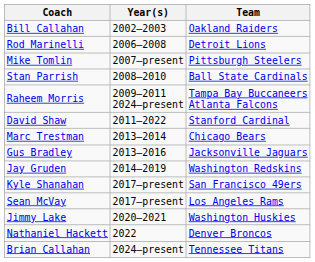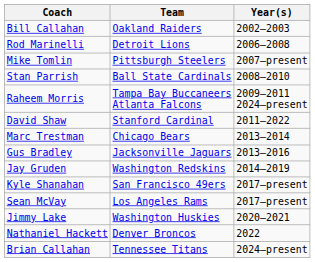 <table class="wikitable">
 <tr>
 <th>Coach</th>
+<th>Team</th>
 <th>Year(s)</th>
-<th>Team</th>
 </tr>
 <tr style= style="text-align:center;">
 <td><a href='#'>Bill Callahan</a></td>
+<td><a href='#'>Oakland Raiders</a></td>
 <td>2002–2003</td>
-<td><a href='#'>Oakland Raiders</a></td>
 </tr>
 <tr style= style="text-align:center;">
 <td><a href='#'>Rod Marinelli</a></td>
+<td><a href='#'>Detroit Lions</a></td>
 <td>2006–2008</td>
-<td><a href='#'>Detroit Lions</a></td>
 </tr>
 <tr style= style="text-align:center;">
 <td><a href='#'>Mike Tomlin</a></td>
+<td><a href='#'>Pittsburgh Steelers</a></td>
 <td>2007–present</td>
-<td><a href='#'>Pittsburgh Steelers</a></td>
 </tr>
 <tr style= style="text-align:center;">
 <td><a href='#'>Stan Parrish</a></td>
+<td><a href='#'>Ball State Cardinals</a></td>
 <td>2008–2010</td>
-<td><a href='#'>Ball State Cardinals</a></td>
 </tr>
 <tr style= style="text-align:center;">
 <td><a href='#'>Raheem Morris</a></td>
+<td><a href='#'>Tampa Bay Buccaneers</a><br><a href='#'>Atlanta Falcons</a></td>
 <td>2009–2011<br>2024–present</td>
-<td><a href='#'>Tampa Bay Buccaneers</a><br><a href='#'>Atlanta Falcons</a></td>
 </tr>
 <tr style= style="text-align:center;">
 <td><a href='#'>David Shaw</a></td>
+<td><a href='#'>Stanford Cardinal</a></td>
 <td>2011–2022</td>
-<td><a href='#'>Stanford Cardinal</a></td>
 </tr>
 <tr style= style="text-align:center;">
 <td><a href='#'>Marc Trestman</a></td>
+<td><a href='#'>Chicago Bears</a></td>
 <td>2013–2014</td>
-<td><a href='#'>Chicago Bears</a></td>
 </tr>
 <tr style= style="text-align:center;">
 <td><a href='#'>Gus Bradley</a></td>
+<td><a href='#'>Jacksonville Jaguars</a></td>
 <td>2013–2016</td>
-<td><a href='#'>Jacksonville Jaguars</a></td>
 </tr>
 <tr style= style="text-align:center;">
 <td><a href='#'>Jay Gruden</a></td>
+<td><a href='#'>Washington Redskins</a></td>
 <td>2014–2019</td>
-<td><a href='#'>Washington Redskins</a></td>
 </tr>
 <tr style= style="text-align:center;">
 <td><a href='#'>Kyle Shanahan</a></td>
+<td><a href='#'>San Francisco 49ers</a></td>
 <td>2017–present</td>
-<td><a href='#'>San Francisco 49ers</a></td>
 </tr>
 <tr style= style="text-align:center;">
 <td><a href='#'>Sean McVay</a></td>
+<td><a href='#'>Los Angeles Rams</a></td>
 <td>2017–present</td>
-<td><a href='#'>Los Angeles Rams</a></td>
 </tr>
 <tr style= style="text-align:center;">
 <td><a href='#'>Jimmy Lake</a></td>
+<td><a href='#'>Washington Huskies</a></td>
 <td>2020–2021</td>
-<td><a href='#'>Washington Huskies</a></td>
 </tr>
 <tr style= style="text-align:center;">
 <td><a href='#'>Nathaniel Hackett</a></td>
+<td><a href='#'>Denver Broncos</a></td>
 <td>2022</td>
-<td><a href='#'>Denver Broncos</a></td>
 </tr>
 <tr style= style="text-align:center;">
 <td><a href='#'>Brian Callahan</a></td>
+<td><a href='#'>Tennessee Titans</a></td>
 <td>2024–present</td>
-<td><a href='#'>Tennessee Titans</a></td>
 </tr>
 </table>
